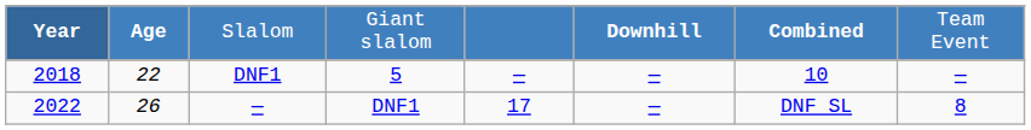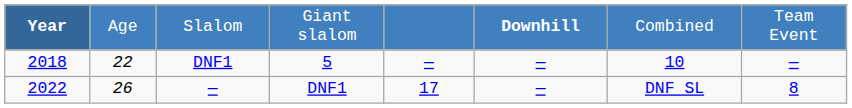 <table class="wikitable" style="font-size:95%; text-align:center; border:grey solid 1px; border-collapse:collapse;" width="40%">
 <tr style="background-color:#369; color:white;">
 <td rowspan="2" colspan="1" width="4%"><strong>Year</strong></td>
 </tr>
 <tr style="background-color:#4180be; color:white;">
-<td width="3%"><strong>Age</strong></td>
+<td width="3%">Age</td>
 <td width="5%">Slalom</td>
 <td width="5%">Giant<br>slalom</td>
 <td width="5%"></td>
 <td width="5%"><strong>Downhill</strong></td>
-<td width="5%"><strong>Combined</strong></td>
+<td width="5%">Combined</td>
 <td width="5%">Team Event</td>
 </tr>
 <tr style="background-color:#8CB2D8; color:white;">
 </tr>
 <tr>
 <td><a href='#'>2018</a></td>
 <td><em>22</em></td>
 <td><a href='#'>DNF1</a></td>
 <td><a href='#'>5</a></td>
 <td><a href='#'>—</a></td>
 <td><a href='#'>—</a></td>
 <td><a href='#'>10</a></td>
 <td><a href='#'>—</a></td>
 </tr>
 <tr>
 <td><a href='#'>2022</a></td>
 <td><em>26</em></td>
 <td><a href='#'>—</a></td>
 <td><a href='#'>DNF1</a></td>
 <td><a href='#'>17</a></td>
 <td><a href='#'>—</a></td>
 <td><a href='#'>DNF SL </a></td>
 <td><a href='#'>8</a></td>
 </tr>
 </table>
